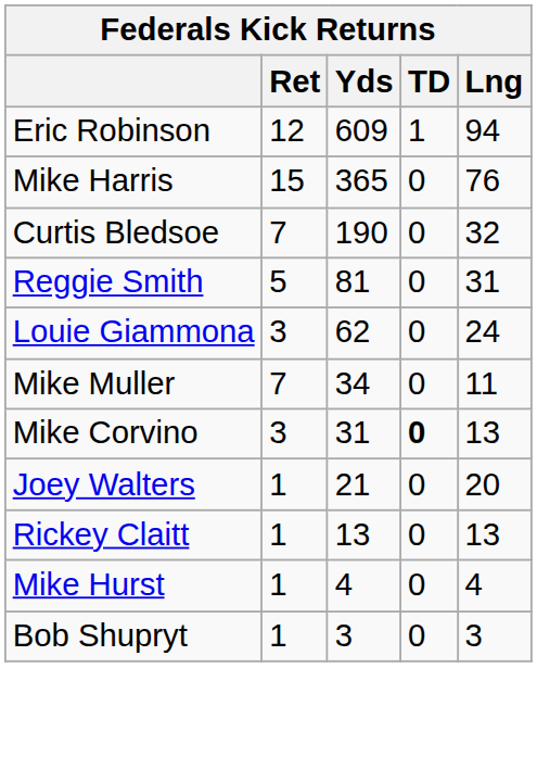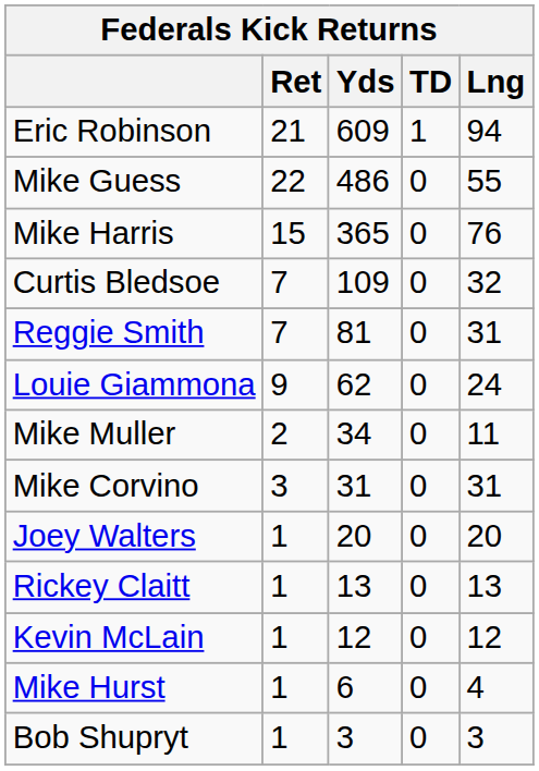 <table class="wikitable">
 <tr>
 <th colspan="5">Federals Kick Returns</th>
 </tr>
 <tr>
 <th></th>
 <th>Ret</th>
 <th>Yds</th>
 <th>TD</th>
 <th>Lng</th>
 </tr>
 <tr>
 <td>Eric Robinson</td>
-<td>12</td>
+<td>21</td>
 <td>609</td>
 <td>1</td>
 <td>94</td>
+</tr>
+<tr>
+<td>Mike Guess</td>
+<td>22</td>
+<td>486</td>
+<td>0</td>
+<td>55</td>
 </tr>
 <tr>
 <td>Mike Harris</td>
 <td>15</td>
 <td>365</td>
 <td>0</td>
 <td>76</td>
 </tr>
 <tr>
 <td>Curtis Bledsoe</td>
 <td>7</td>
-<td>190</td>
+<td>109</td>
 <td>0</td>
 <td>32</td>
 </tr>
 <tr>
 <td><a href='#'>Reggie Smith</a></td>
-<td>5</td>
+<td>7</td>
 <td>81</td>
 <td>0</td>
 <td>31</td>
 </tr>
 <tr>
 <td><a href='#'>Louie Giammona</a></td>
-<td>3</td>
+<td>9</td>
 <td>62</td>
 <td>0</td>
 <td>24</td>
 </tr>
 <tr>
 <td>Mike Muller</td>
-<td>7</td>
+<td>2</td>
 <td>34</td>
 <td>0</td>
 <td>11</td>
 </tr>
 <tr>
 <td>Mike Corvino</td>
 <td>3</td>
 <td>31</td>
-<td><strong>0</strong></td>
-<td>13</td>
+<td>0</td>
+<td>31</td>
 </tr>
 <tr>
 <td><a href='#'>Joey Walters</a></td>
 <td>1</td>
-<td>21</td>
+<td>20</td>
 <td>0</td>
 <td>20</td>
 </tr>
 <tr>
 <td><a href='#'>Rickey Claitt</a></td>
 <td>1</td>
 <td>13</td>
 <td>0</td>
 <td>13</td>
 </tr>
 <tr>
+<td><a href='#'>Kevin McLain</a></td>
+<td>1</td>
+<td>12</td>
+<td>0</td>
+<td>12</td>
+</tr>
+<tr>
 <td><a href='#'>Mike Hurst</a></td>
 <td>1</td>
-<td>4</td>
+<td>6</td>
 <td>0</td>
 <td>4</td>
 </tr>
 <tr>
 <td>Bob Shupryt</td>
 <td>1</td>
 <td>3</td>
 <td>0</td>
 <td>3</td>
 </tr>
 </table>
